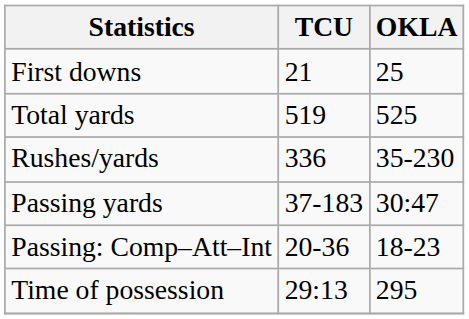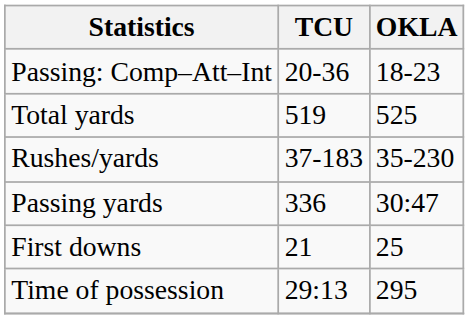 <table class="wikitable" style="float: left;">
 <tr>
 <th>Statistics</th>
 <th>TCU</th>
 <th>OKLA</th>
 </tr>
 <tr>
-<td>First downs</td>
-<td>21</td>
-<td>25</td>
+<td>Passing: Comp–Att–Int</td>
+<td>20-36</td>
+<td>18-23</td>
 </tr>
 <tr>
 <td>Total yards</td>
 <td>519</td>
 <td>525</td>
 </tr>
 <tr>
 <td>Rushes/yards</td>
-<td>336</td>
+<td>37-183</td>
 <td>35-230</td>
 </tr>
 <tr>
 <td>Passing yards</td>
-<td>37-183</td>
+<td>336</td>
 <td>30:47</td>
 </tr>
 <tr>
-<td>Passing: Comp–Att–Int</td>
-<td>20-36</td>
-<td>18-23</td>
+<td>First downs</td>
+<td>21</td>
+<td>25</td>
 </tr>
 <tr>
 <td>Time of possession</td>
 <td>29:13</td>
 <td>295</td>
 </tr>
 <tr>
 </tr>
 </table>
